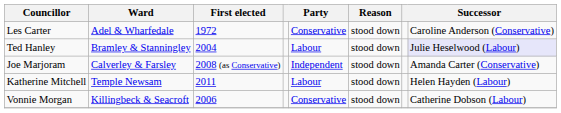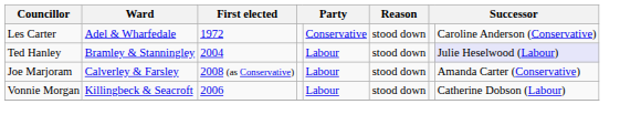 <table class="wikitable sortable" style="font-size:95%;">
 <tr>
 <th scope="col">Councillor</th>
 <th scope="col">Ward</th>
 <th scope="col">First elected</th>
 <th colspan="2" scope="col">Party</th>
 <th scope="col">Reason</th>
 <th colspan="2" scope="col">Successor</th>
 </tr>
 <tr>
 <td>Les Carter</td>
 <td><a href='#'>Adel & Wharfedale</a></td>
 <td><a href='#'>1972</a></td>
 <td width="1" style="color:inherit;background:"></td>
 <td><a href='#'>Conservative</a></td>
 <td>stood down</td>
 <td width="1" style="color:inherit;background:"></td>
 <td>Caroline Anderson (<a href='#'>Conservative</a>)</td>
 </tr>
 <tr>
 <td>Ted Hanley</td>
 <td><a href='#'>Bramley & Stanningley</a></td>
 <td><a href='#'>2004</a></td>
 <td width="1" style="color:inherit;background:"></td>
 <td><a href='#'>Labour</a></td>
 <td>stood down</td>
 <td width="1" style="color:inherit;background:"></td>
 <td style="background: lavender;">Julie Heselwood (<a href='#'>Labour</a>)</td>
 </tr>
 <tr>
 <td>Joe Marjoram</td>
 <td><a href='#'>Calverley & Farsley</a></td>
 <td><a href='#'>2008</a> <small>(as <a href='#'>Conservative</a>)</small></td>
 <td width="1" style="color:inherit;background:"></td>
-<td><a href='#'>Independent</a></td>
+<td><a href='#'>Labour</a></td>
 <td>stood down</td>
 <td width="1" style="color:inherit;background:"></td>
 <td>Amanda Carter (<a href='#'>Conservative</a>)</td>
-</tr>
-<tr>
-<td>Katherine Mitchell</td>
-<td><a href='#'>Temple Newsam</a></td>
-<td><a href='#'>2011</a></td>
-<td width="1" style="color:inherit;background:"></td>
-<td><a href='#'>Labour</a></td>
-<td>stood down</td>
-<td width="1" style="color:inherit;background:"></td>
-<td>Helen Hayden (<a href='#'>Labour</a>)</td>
 </tr>
 <tr>
 <td>Vonnie Morgan</td>
 <td><a href='#'>Killingbeck & Seacroft</a></td>
 <td><a href='#'>2006</a></td>
 <td width="1" style="color:inherit;background:"></td>
-<td><a href='#'>Conservative</a></td>
+<td><a href='#'>Labour</a></td>
 <td>stood down</td>
 <td width="1" style="color:inherit;background:"></td>
 <td>Catherine Dobson (<a href='#'>Labour</a>)</td>
 </tr>
 <tr>
 </tr>
 </table>
